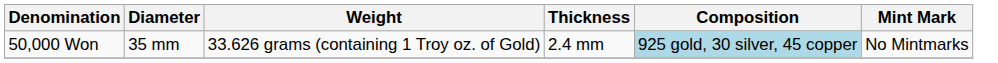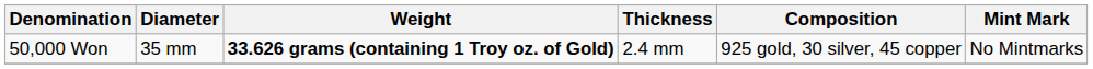 <table class="wikitable sortable">
 <tr>
 <th>Denomination</th>
 <th>Diameter</th>
 <th>Weight</th>
 <th>Thickness</th>
 <th>Composition</th>
 <th>Mint Mark</th>
 </tr>
 <tr>
 <td>50,000 Won</td>
 <td>35 mm</td>
-<td>33.626 grams (containing 1 Troy oz. of Gold)</td>
+<td><strong>33.626 grams (containing 1 Troy oz. of Gold)</strong></td>
 <td>2.4 mm</td>
-<td style="background: lightblue;">925 gold, 30 silver, 45 copper</td>
+<td>925 gold, 30 silver, 45 copper</td>
 <td>No Mintmarks</td>
 </tr>
 <tr>
 </tr>
 </table>
